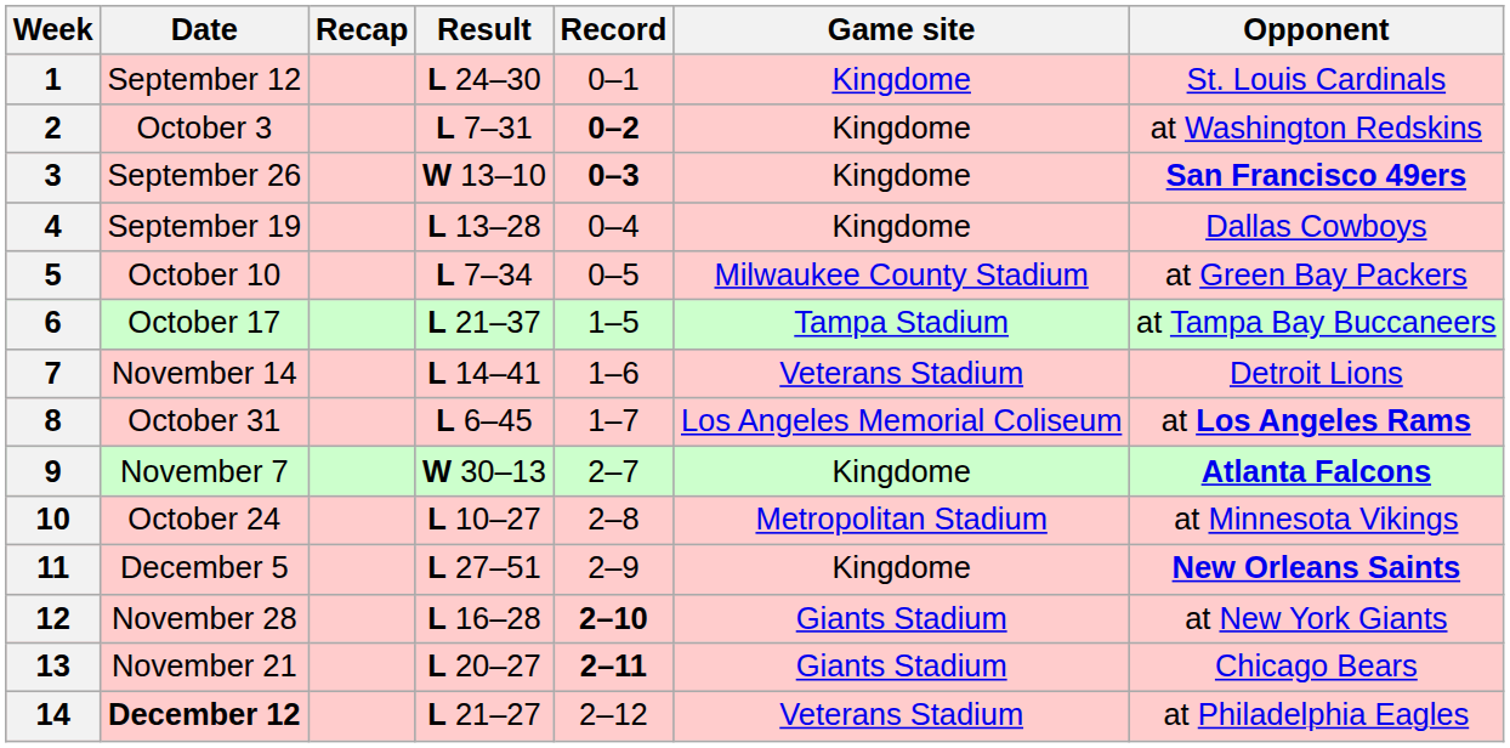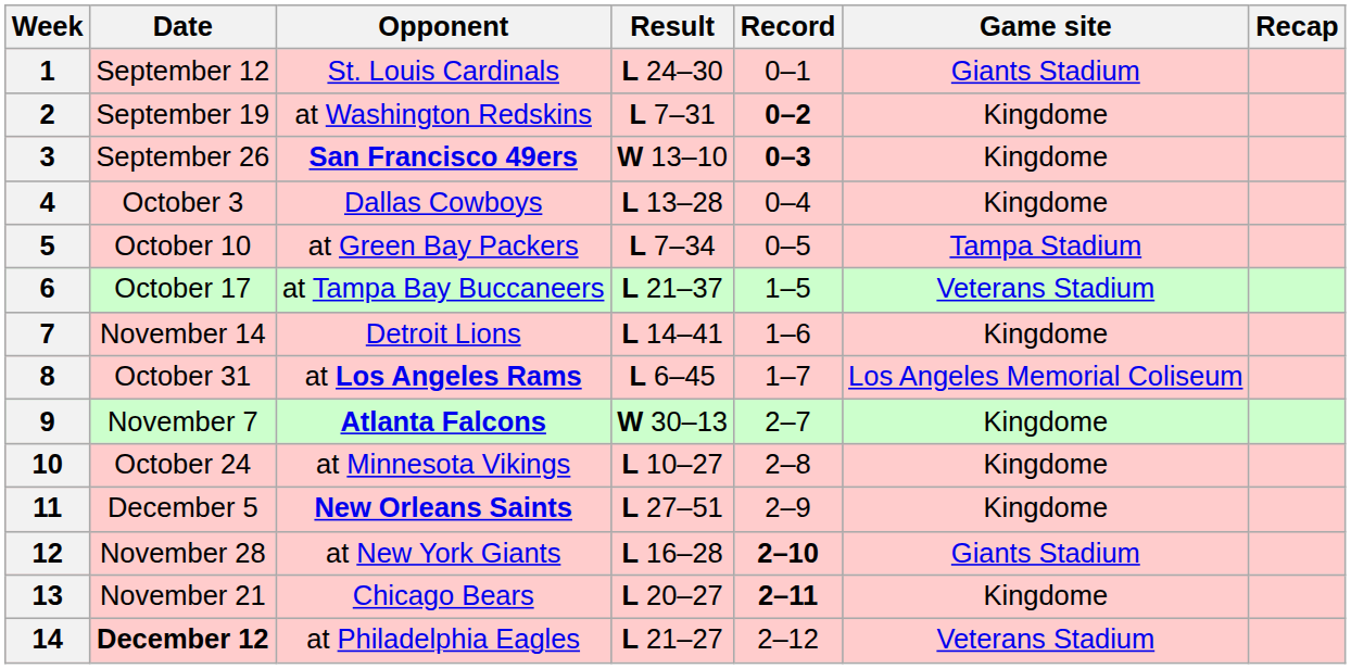 <table class="wikitable" style="text-align:center">
 <tr>
 <th>Week</th>
 <th>Date</th>
-<th>Recap</th>
+<th>Opponent</th>
 <th>Result</th>
 <th>Record</th>
 <th>Game site</th>
-<th>Opponent</th>
+<th>Recap</th>
 </tr>
 <tr style="background:#fcc">
 <th>1</th>
 <td>September 12</td>
-<td></td>
+<td><a href='#'>St. Louis Cardinals</a></td>
 <td><strong>L</strong> 24–30</td>
 <td>0–1</td>
-<td><a href='#'>Kingdome</a></td>
-<td><a href='#'>St. Louis Cardinals</a></td>
+<td><a href='#'>Giants Stadium</a></td>
+<td></td>
 </tr>
 <tr style="background:#fcc">
 <th>2</th>
-<td>October 3</td>
-<td></td>
+<td>September 19</td>
+<td>at <a href='#'>Washington Redskins</a></td>
 <td><strong>L</strong> 7–31</td>
 <td><strong>0–2</strong></td>
 <td>Kingdome</td>
-<td>at <a href='#'>Washington Redskins</a></td>
+<td></td>
 </tr>
 <tr style="background:#fcc">
 <th>3</th>
 <td>September 26</td>
-<td></td>
+<td><strong><a href='#'>San Francisco 49ers</a></strong></td>
 <td><strong>W</strong> 13–10</td>
 <td><strong>0–3</strong></td>
 <td>Kingdome</td>
-<td><strong><a href='#'>San Francisco 49ers</a></strong></td>
+<td></td>
 </tr>
 <tr style="background:#fcc">
 <th>4</th>
-<td>September 19</td>
-<td></td>
+<td>October 3</td>
+<td><a href='#'>Dallas Cowboys</a></td>
 <td><strong>L</strong> 13–28</td>
 <td>0–4</td>
 <td>Kingdome</td>
-<td><a href='#'>Dallas Cowboys</a></td>
+<td></td>
 </tr>
 <tr style="background:#fcc">
 <th>5</th>
 <td>October 10</td>
-<td></td>
+<td>at <a href='#'>Green Bay Packers</a></td>
 <td><strong>L</strong> 7–34</td>
 <td>0–5</td>
-<td><a href='#'>Milwaukee County Stadium</a></td>
-<td>at <a href='#'>Green Bay Packers</a></td>
+<td><a href='#'>Tampa Stadium</a></td>
+<td></td>
 </tr>
 <tr style="background:#cfc">
 <th>6</th>
 <td>October 17</td>
-<td></td>
+<td>at <a href='#'>Tampa Bay Buccaneers</a></td>
 <td><strong>L</strong> 21–37</td>
 <td>1–5</td>
-<td><a href='#'>Tampa Stadium</a></td>
-<td>at <a href='#'>Tampa Bay Buccaneers</a></td>
+<td><a href='#'>Veterans Stadium</a></td>
+<td></td>
 </tr>
 <tr style="background:#fcc">
 <th>7</th>
 <td>November 14</td>
-<td></td>
+<td><a href='#'>Detroit Lions</a></td>
 <td><strong>L</strong> 14–41</td>
 <td>1–6</td>
-<td><a href='#'>Veterans Stadium</a></td>
-<td><a href='#'>Detroit Lions</a></td>
+<td>Kingdome</td>
+<td></td>
 </tr>
 <tr style="background:#fcc">
 <th>8</th>
 <td>October 31</td>
-<td></td>
+<td>at <strong><a href='#'>Los Angeles Rams</a></strong></td>
 <td><strong>L</strong> 6–45</td>
 <td>1–7</td>
 <td><a href='#'>Los Angeles Memorial Coliseum</a></td>
-<td>at <strong><a href='#'>Los Angeles Rams</a></strong></td>
+<td></td>
 </tr>
 <tr style="background:#cfc">
 <th>9</th>
 <td>November 7</td>
-<td></td>
+<td><strong><a href='#'>Atlanta Falcons</a></strong></td>
 <td><strong>W</strong> 30–13</td>
 <td>2–7</td>
 <td>Kingdome</td>
-<td><strong><a href='#'>Atlanta Falcons</a></strong></td>
+<td></td>
 </tr>
 <tr style="background:#fcc">
 <th>10</th>
 <td>October 24</td>
-<td></td>
+<td>at <a href='#'>Minnesota Vikings</a></td>
 <td><strong>L</strong> 10–27</td>
 <td>2–8</td>
-<td><a href='#'>Metropolitan Stadium</a></td>
-<td>at <a href='#'>Minnesota Vikings</a></td>
+<td>Kingdome</td>
+<td></td>
 </tr>
 <tr style="background:#fcc">
 <th>11</th>
 <td>December 5</td>
-<td></td>
+<td><strong><a href='#'>New Orleans Saints</a></strong></td>
 <td><strong>L</strong> 27–51</td>
 <td>2–9</td>
 <td>Kingdome</td>
-<td><strong><a href='#'>New Orleans Saints</a></strong></td>
+<td></td>
 </tr>
 <tr style="background:#fcc">
 <th>12</th>
 <td>November 28</td>
-<td></td>
+<td>at <a href='#'>New York Giants</a></td>
 <td><strong>L</strong> 16–28</td>
 <td><strong>2–10</strong></td>
 <td><a href='#'>Giants Stadium</a></td>
-<td>at <a href='#'>New York Giants</a></td>
+<td></td>
 </tr>
 <tr style="background:#fcc">
 <th>13</th>
 <td>November 21</td>
-<td></td>
+<td><a href='#'>Chicago Bears</a></td>
 <td><strong>L</strong> 20–27</td>
 <td><strong>2–11</strong></td>
-<td><a href='#'>Giants Stadium</a></td>
-<td><a href='#'>Chicago Bears</a></td>
+<td>Kingdome</td>
+<td></td>
 </tr>
 <tr style="background:#fcc">
 <th>14</th>
 <td><strong>December 12</strong></td>
-<td></td>
+<td>at <a href='#'>Philadelphia Eagles</a></td>
 <td><strong>L</strong> 21–27</td>
 <td>2–12</td>
 <td><a href='#'>Veterans Stadium</a></td>
-<td>at <a href='#'>Philadelphia Eagles</a></td>
+<td></td>
 </tr>
 </table>
